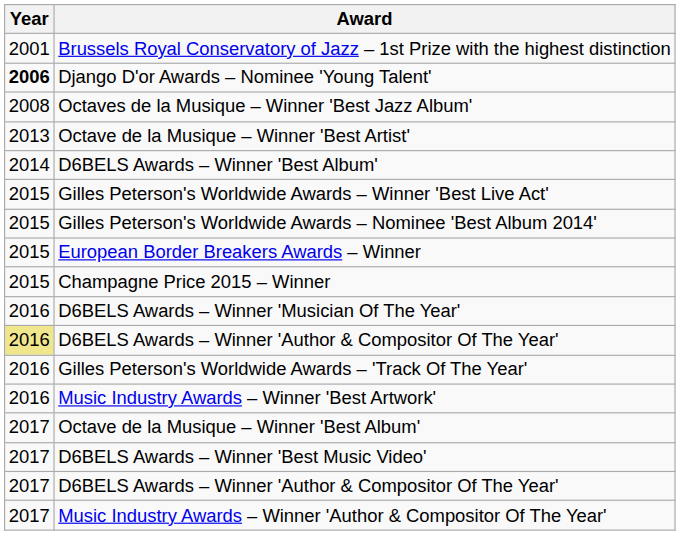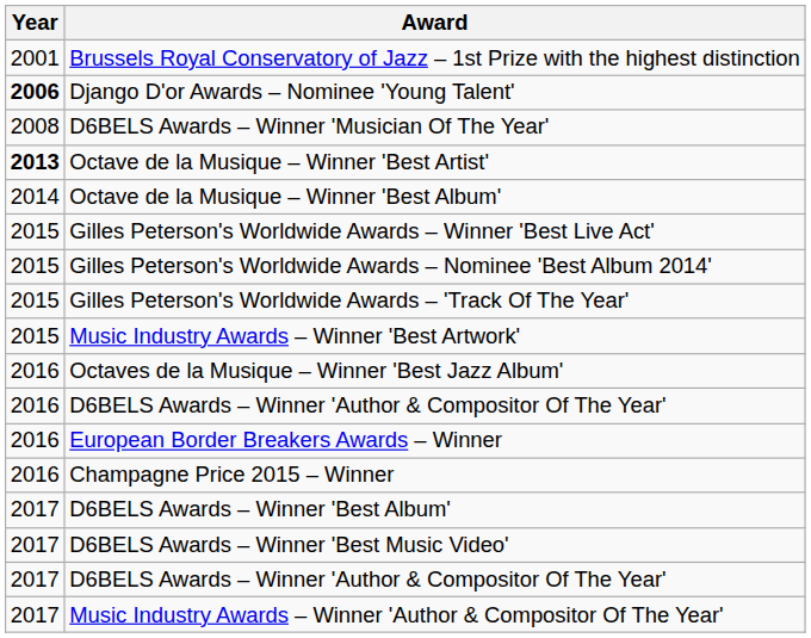 <table class="wikitable sortable">
 <tr>
 <th>Year</th>
 <th>Award</th>
 </tr>
 <tr>
 <td>2001</td>
 <td><a href='#'>Brussels Royal Conservatory of Jazz</a> – 1st Prize with the highest distinction </td>
 </tr>
 <tr>
 <td><strong>2006</strong></td>
 <td>Django D'or Awards – Nominee 'Young Talent' </td>
 </tr>
 <tr>
 <td>2008</td>
-<td>Octaves de la Musique – Winner 'Best Jazz Album'</td>
+<td>D6BELS Awards – Winner 'Musician Of The Year'</td>
 </tr>
 <tr>
-<td>2013</td>
+<td><strong>2013</strong></td>
 <td>Octave de la Musique – Winner 'Best Artist'</td>
 </tr>
 <tr>
 <td>2014</td>
-<td>D6BELS Awards – Winner 'Best Album'</td>
+<td>Octave de la Musique – Winner 'Best Album' </td>
 </tr>
 <tr>
 <td>2015</td>
 <td>Gilles Peterson's Worldwide Awards – Winner 'Best Live Act'</td>
 </tr>
 <tr>
 <td>2015</td>
 <td>Gilles Peterson's Worldwide Awards – Nominee 'Best Album 2014'</td>
 </tr>
 <tr>
 <td>2015</td>
-<td><a href='#'>European Border Breakers Awards</a> – Winner </td>
+<td>Gilles Peterson's Worldwide Awards – 'Track Of The Year' </td>
 </tr>
 <tr>
 <td>2015</td>
-<td>Champagne Price 2015 – Winner</td>
+<td><a href='#'>Music Industry Awards</a> – Winner 'Best Artwork'</td>
 </tr>
 <tr>
 <td>2016</td>
-<td>D6BELS Awards – Winner 'Musician Of The Year'</td>
+<td>Octaves de la Musique – Winner 'Best Jazz Album'</td>
 </tr>
 <tr>
-<td style="background: khaki;">2016</td>
+<td>2016</td>
 <td>D6BELS Awards – Winner 'Author & Compositor Of The Year'</td>
 </tr>
 <tr>
 <td>2016</td>
-<td>Gilles Peterson's Worldwide Awards – 'Track Of The Year' </td>
+<td><a href='#'>European Border Breakers Awards</a> – Winner </td>
 </tr>
 <tr>
 <td>2016</td>
-<td><a href='#'>Music Industry Awards</a> – Winner 'Best Artwork'</td>
+<td>Champagne Price 2015 – Winner</td>
 </tr>
 <tr>
 <td>2017</td>
-<td>Octave de la Musique – Winner 'Best Album' </td>
+<td>D6BELS Awards – Winner 'Best Album'</td>
 </tr>
 <tr>
 <td>2017</td>
 <td>D6BELS Awards – Winner 'Best Music Video'</td>
 </tr>
 <tr>
 <td>2017</td>
 <td>D6BELS Awards – Winner 'Author & Compositor Of The Year'</td>
 </tr>
 <tr>
 <td>2017</td>
 <td><a href='#'>Music Industry Awards</a> – Winner 'Author & Compositor Of The Year'</td>
 </tr>
 </table>
